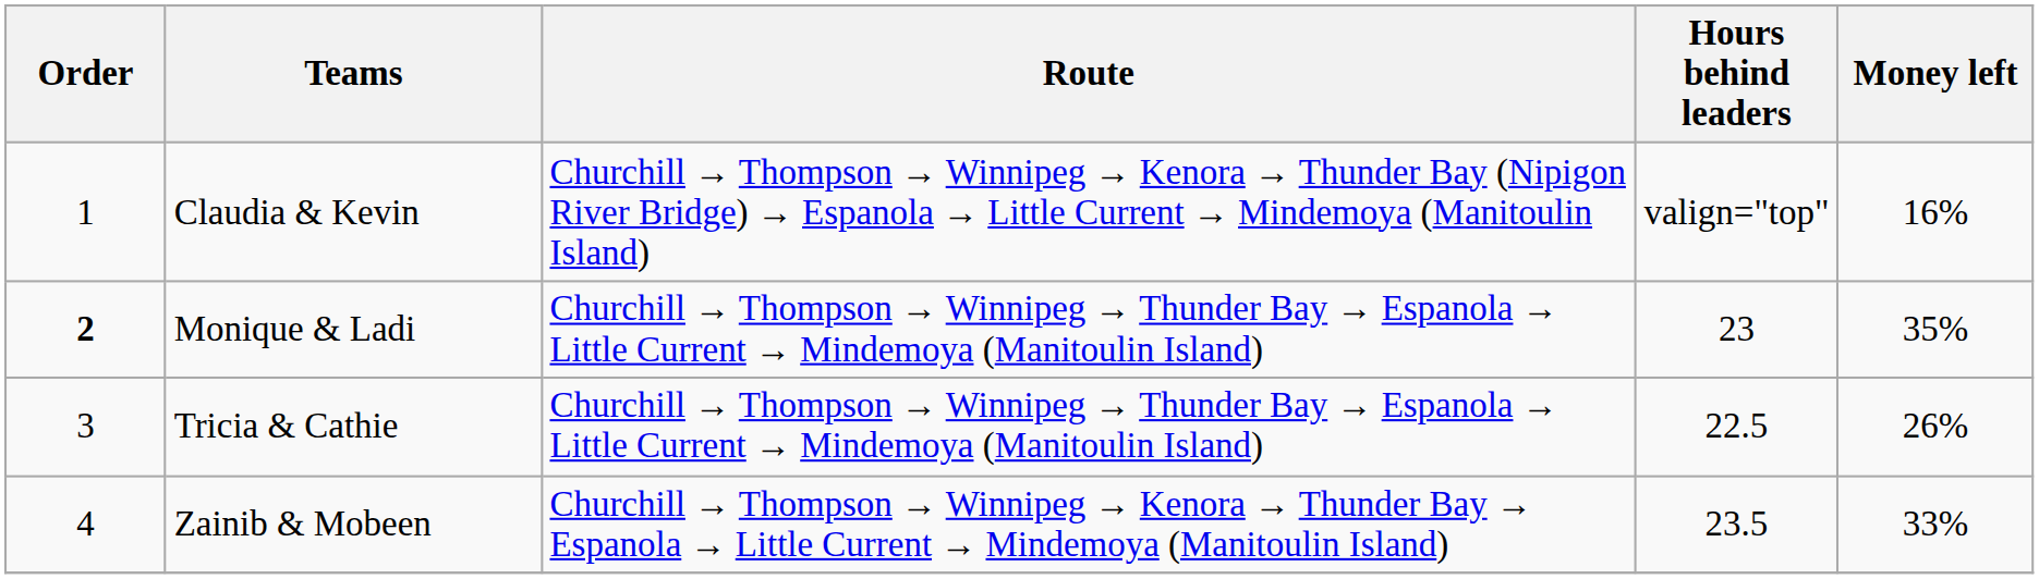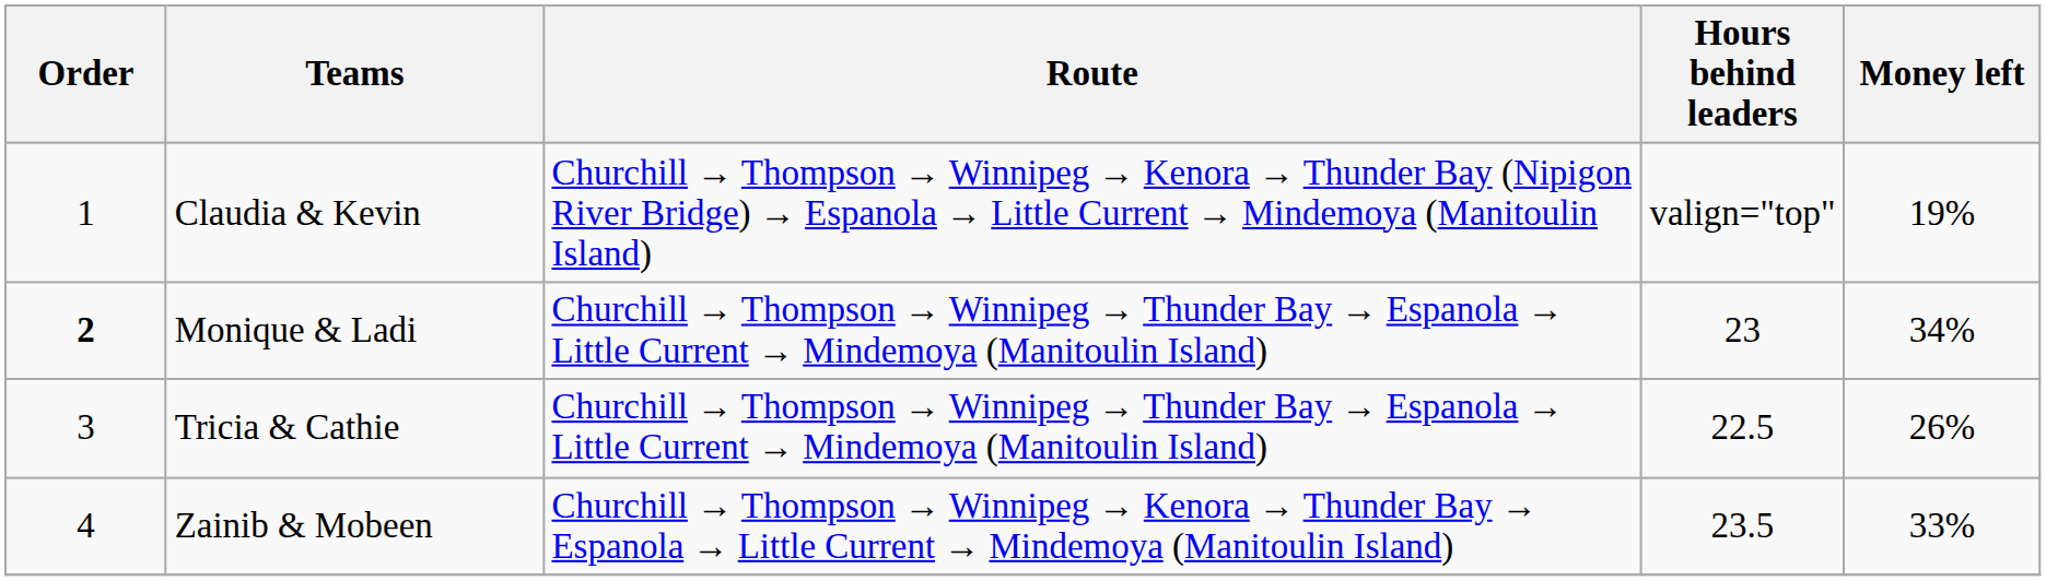 <table class="wikitable sortable" style="text-align:center">
 <tr>
 <th style="width:4em">Order</th>
 <th style="width:10em">Teams</th>
 <th style="width:30em">Route</th>
 <th style="width:5em">Hours behind leaders</th>
 <th style="width:5em">Money left</th>
 </tr>
 <tr>
 <td>1</td>
 <td style="text-align:left">Claudia & Kevin</td>
 <td style="text-align:left"><a href='#'>Churchill</a>  → <a href='#'>Thompson</a>   → <a href='#'>Winnipeg</a>  → <a href='#'>Kenora</a>   → <a href='#'>Thunder Bay</a>  (<a href='#'>Nipigon River Bridge</a>) → <a href='#'>Espanola</a>  → <a href='#'>Little Current</a> → <a href='#'>Mindemoya</a> (<a href='#'>Manitoulin Island</a>)</td>
 <td>valign="top" </td>
-<td>16%</td>
+<td>19%</td>
 </tr>
 <tr>
 <td><strong>2</strong></td>
 <td style="text-align:left">Monique & Ladi</td>
 <td style="text-align:left"><a href='#'>Churchill</a>  → <a href='#'>Thompson</a>  → <a href='#'>Winnipeg</a>   → <a href='#'>Thunder Bay</a>   → <a href='#'>Espanola</a>  → <a href='#'>Little Current</a>  → <a href='#'>Mindemoya</a> (<a href='#'>Manitoulin Island</a>)</td>
 <td>23</td>
-<td>35%</td>
+<td>34%</td>
 </tr>
 <tr>
 <td>3</td>
 <td style="text-align:left">Tricia & Cathie</td>
 <td style="text-align:left"><a href='#'>Churchill</a>  → <a href='#'>Thompson</a>   → <a href='#'>Winnipeg</a>   → <a href='#'>Thunder Bay</a>   → <a href='#'>Espanola</a>  → <a href='#'>Little Current</a>  → <a href='#'>Mindemoya</a> (<a href='#'>Manitoulin Island</a>)</td>
 <td>22.5</td>
 <td>26%</td>
 </tr>
 <tr>
 <td>4</td>
 <td style="text-align:left">Zainib & Mobeen</td>
 <td style="text-align:left"><a href='#'>Churchill</a>  → <a href='#'>Thompson</a>  → <a href='#'>Winnipeg</a>   → <a href='#'>Kenora</a>   → <a href='#'>Thunder Bay</a>  → <a href='#'>Espanola</a>  → <a href='#'>Little Current</a> → <a href='#'>Mindemoya</a> (<a href='#'>Manitoulin Island</a>)</td>
 <td>23.5</td>
 <td>33%</td>
 </tr>
 <tr>
 </tr>
 </table>
